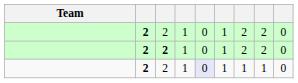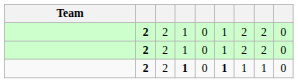 <table class="wikitable" style="text-align:center">
 <tr>
 <th width="175">Team</th>
 <th width="20"></th>
 <th width="20"></th>
 <th width="20"></th>
 <th width="20"></th>
 <th width="20"></th>
 <th width="20"></th>
 <th width="20"></th>
 <th width="20"></th>
 </tr>
 <tr bgcolor=#CCFFCC>
 <td align=left></td>
 <td><strong>2</strong></td>
 <td>2</td>
 <td>1</td>
 <td>0</td>
 <td>1</td>
 <td>2</td>
 <td>2</td>
 <td>0</td>
 </tr>
 <tr bgcolor=#CCFFCC>
 <td align=left></td>
 <td><strong>2</strong></td>
-<td><strong>2</strong></td>
+<td>2</td>
 <td>1</td>
 <td>0</td>
 <td>1</td>
 <td>2</td>
 <td>2</td>
 <td>0</td>
 </tr>
 <tr>
 <td align=left></td>
 <td><strong>2</strong></td>
 <td>2</td>
-<td>1</td>
-<td style="background: lavender;">0</td>
-<td>1</td>
+<td><strong>1</strong></td>
+<td>0</td>
+<td><strong>1</strong></td>
 <td>1</td>
 <td>1</td>
 <td>0</td>
 </tr>
 </table>
